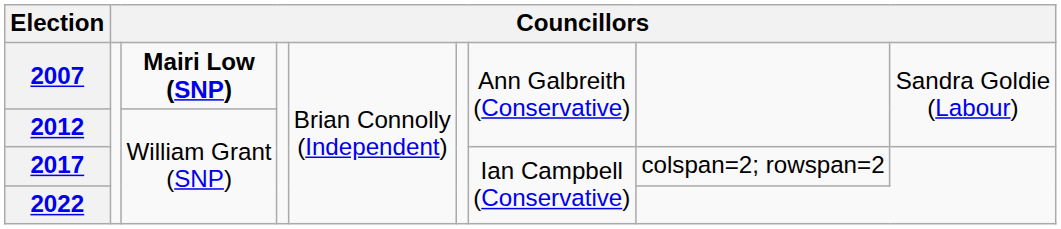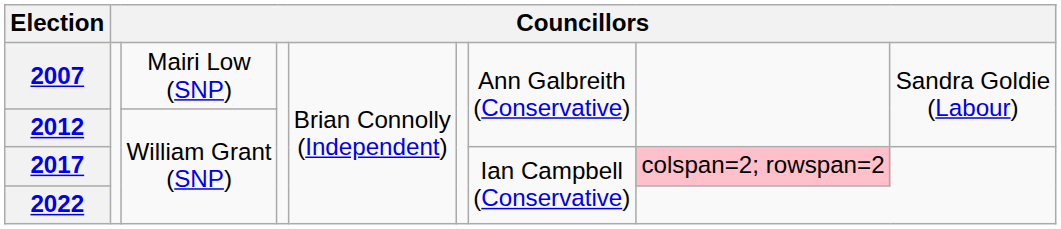 <table class="wikitable" style="text-align:center">
 <tr>
 <th>Election</th>
 <th colspan=8>Councillors</th>
 </tr>
 <tr>
 <th><a href='#'>2007</a></th>
 <td rowspan=4; style="background-color: "></td>
-<td><strong>Mairi Low<br>(<a href='#'>SNP</a>)</strong></td>
+<td>Mairi Low<br>(<a href='#'>SNP</a>)</td>
 <td rowspan=4; style="background-color: "></td>
 <td rowspan=4>Brian Connolly<br>(<a href='#'>Independent</a>)</td>
 <td rowspan=4; style="background-color: "></td>
 <td rowspan=2>Ann Galbreith<br>(<a href='#'>Conservative</a>)</td>
 <td rowspan=2; style="background-color: "></td>
 <td rowspan=2>Sandra Goldie<br>(<a href='#'>Labour</a>)</td>
 </tr>
 <tr>
 <th><a href='#'>2012</a></th>
 <td rowspan=3>William Grant<br>(<a href='#'>SNP</a>)</td>
 </tr>
 <tr>
 <th><a href='#'>2017</a></th>
 <td rowspan=2>Ian Campbell<br>(<a href='#'>Conservative</a>)</td>
-<td>colspan=2; rowspan=2 </td>
+<td style="background: pink;">colspan=2; rowspan=2 </td>
 </tr>
 <tr>
 <th><a href='#'>2022</a></th>
 </tr>
 </table>
